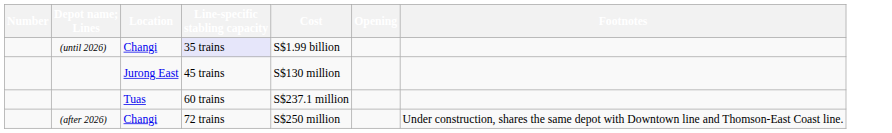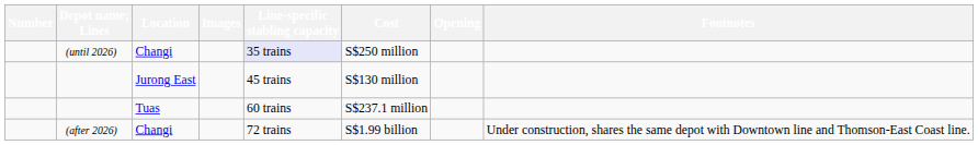 <table class="wikitable" style="color: black; border-collapse: collapse; font-size: 95%">
 <tr>
 <th scope="col" style="color: white; background:#">Number</th>
 <th scope="col" style="color: white; background:#">Depot name;<br>Lines</th>
 <th scope="col" style="color: white; background:#">Location</th>
+<th scope="col" style="color: white; background:#">Images</th>
 <th scope="col" style="color: white; background:#">Line-specific<br>stabling capacity</th>
 <th scope="col" style="color: white; background:#">Cost</th>
 <th scope="col" style="color: white; background:#">Opening</th>
 <th scope="col" style="color: white; background:#">Footnotes</th>
 </tr>
 <tr>
 <td></td>
 <td>  <small><em>(until 2026)</em></small></td>
 <td><a href='#'>Changi</a></td>
+<td></td>
 <td style="background: lavender;">35 trains</td>
-<td>S$1.99 billion</td>
+<td>S$250 million</td>
 <td></td>
 <td></td>
 </tr>
 <tr>
 <td></td>
 <td>  <br>  </td>
 <td><a href='#'>Jurong East</a></td>
+<td></td>
 <td>45 trains</td>
 <td>S$130 million</td>
 <td></td>
 <td></td>
 </tr>
 <tr>
 <td></td>
 <td> </td>
 <td><a href='#'>Tuas</a></td>
+<td></td>
 <td>60 trains</td>
 <td>S$237.1 million</td>
 <td></td>
 <td></td>
 </tr>
 <tr>
 <td></td>
 <td>  <small><em>(after 2026)</em></small></td>
 <td><a href='#'>Changi</a></td>
+<td></td>
 <td>72 trains</td>
-<td>S$250 million</td>
+<td>S$1.99 billion</td>
 <td></td>
 <td>Under construction, shares the same depot with Downtown line and Thomson-East Coast line.</td>
 </tr>
 </table>
